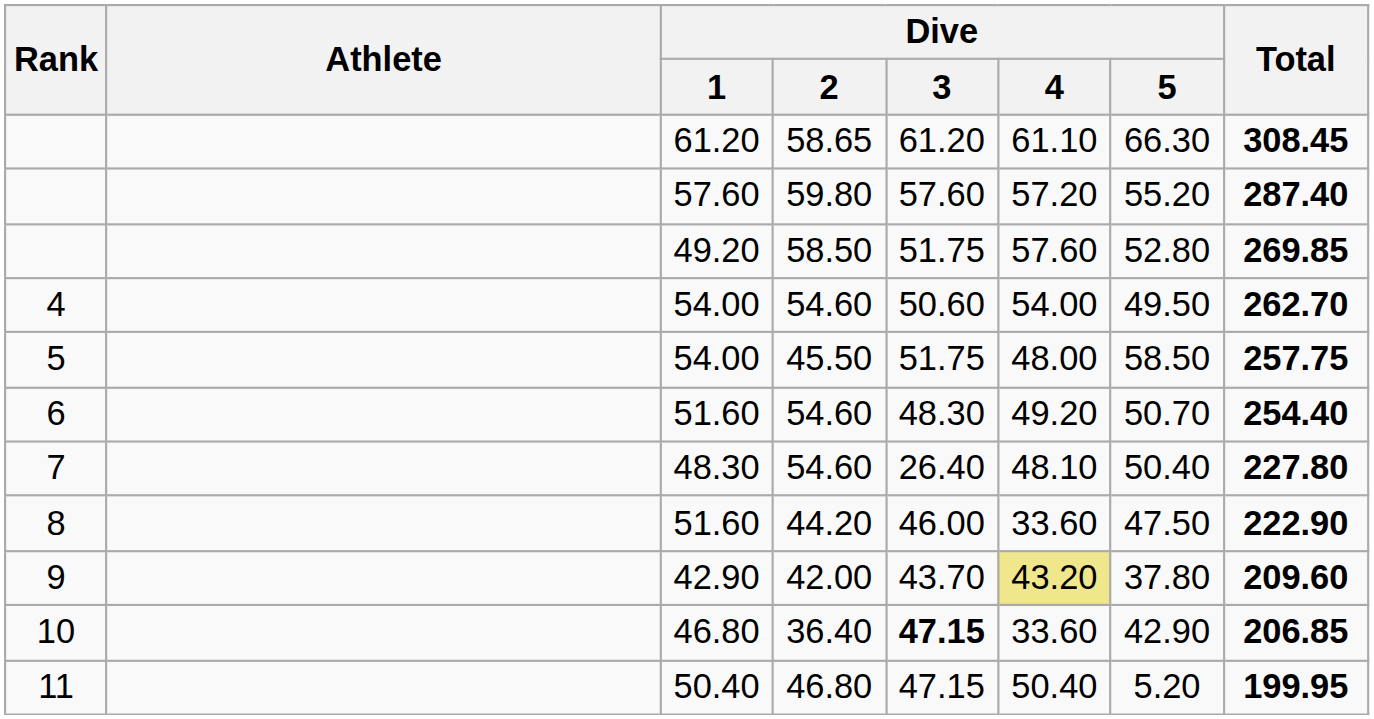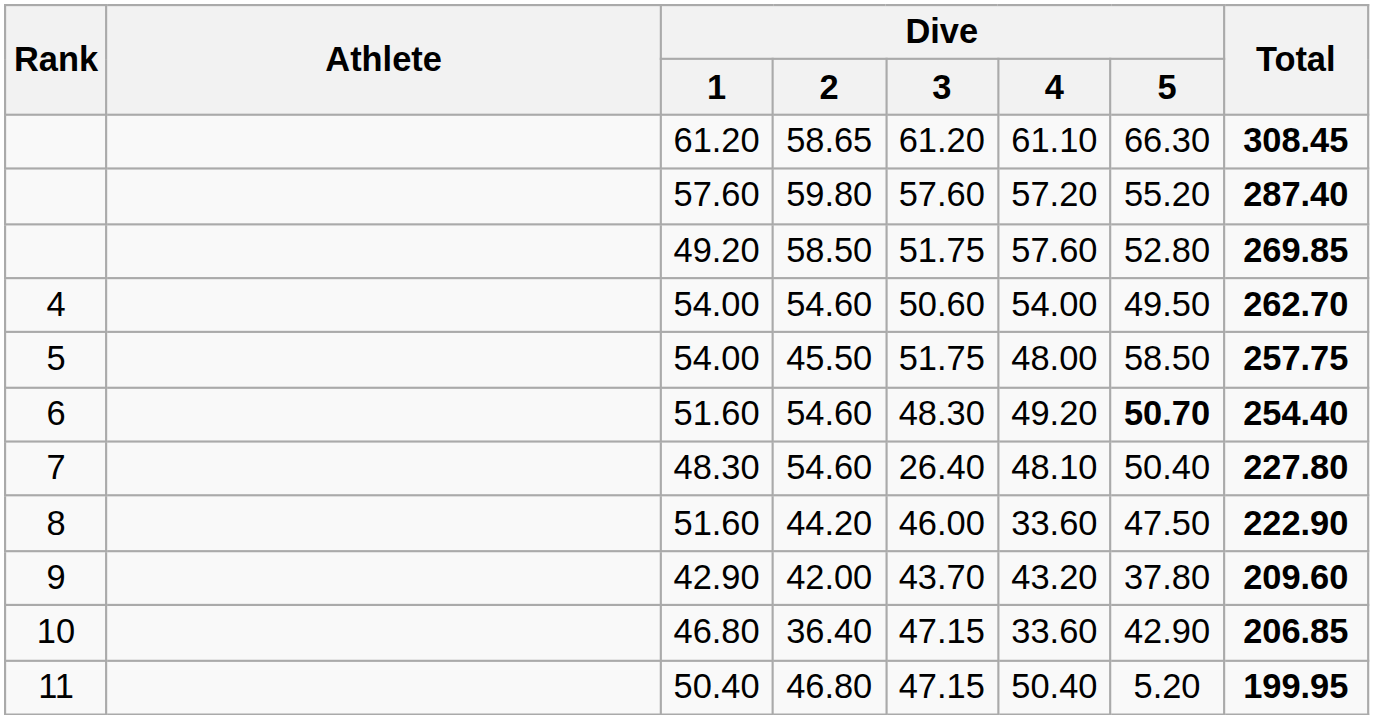 <table class=wikitable style="text-align:center">
 <tr>
 <th rowspan="2" width=40>Rank</th>
 <th rowspan="2" width=250>Athlete</th>
 <th colspan="5">Dive</th>
 <th rowspan="2" width=60>Total</th>
 </tr>
 <tr>
 <th width=45>1</th>
 <th width=45>2</th>
 <th width=45>3</th>
 <th width=45>4</th>
 <th width=45>5</th>
 </tr>
 <tr>
 <td></td>
 <td align=left></td>
 <td>61.20</td>
 <td>58.65</td>
 <td>61.20</td>
 <td>61.10</td>
 <td>66.30</td>
 <td><strong>308.45</strong></td>
 </tr>
 <tr>
 <td></td>
 <td align=left></td>
 <td>57.60</td>
 <td>59.80</td>
 <td>57.60</td>
 <td>57.20</td>
 <td>55.20</td>
 <td><strong>287.40</strong></td>
 </tr>
 <tr>
 <td></td>
 <td align=left></td>
 <td>49.20</td>
 <td>58.50</td>
 <td>51.75</td>
 <td>57.60</td>
 <td>52.80</td>
 <td><strong>269.85</strong></td>
 </tr>
 <tr>
 <td>4</td>
 <td align=left></td>
 <td>54.00</td>
 <td>54.60</td>
 <td>50.60</td>
 <td>54.00</td>
 <td>49.50</td>
 <td><strong>262.70</strong></td>
 </tr>
 <tr>
 <td>5</td>
 <td align=left></td>
 <td>54.00</td>
 <td>45.50</td>
 <td>51.75</td>
 <td>48.00</td>
 <td>58.50</td>
 <td><strong>257.75</strong></td>
 </tr>
 <tr>
 <td>6</td>
 <td align=left></td>
 <td>51.60</td>
 <td>54.60</td>
 <td>48.30</td>
 <td>49.20</td>
-<td>50.70</td>
+<td><strong>50.70</strong></td>
 <td><strong>254.40</strong></td>
 </tr>
 <tr>
 <td>7</td>
 <td align=left></td>
 <td>48.30</td>
 <td>54.60</td>
 <td>26.40</td>
 <td>48.10</td>
 <td>50.40</td>
 <td><strong>227.80</strong></td>
 </tr>
 <tr>
 <td>8</td>
 <td align=left></td>
 <td>51.60</td>
 <td>44.20</td>
 <td>46.00</td>
 <td>33.60</td>
 <td>47.50</td>
 <td><strong>222.90</strong></td>
 </tr>
 <tr>
 <td>9</td>
 <td align=left></td>
 <td>42.90</td>
 <td>42.00</td>
 <td>43.70</td>
-<td style="background: khaki;">43.20</td>
+<td>43.20</td>
 <td>37.80</td>
 <td><strong>209.60</strong></td>
 </tr>
 <tr>
 <td>10</td>
 <td align=left></td>
 <td>46.80</td>
 <td>36.40</td>
-<td><strong>47.15</strong></td>
+<td>47.15</td>
 <td>33.60</td>
 <td>42.90</td>
 <td><strong>206.85</strong></td>
 </tr>
 <tr>
 <td>11</td>
 <td align=left></td>
 <td>50.40</td>
 <td>46.80</td>
 <td>47.15</td>
 <td>50.40</td>
 <td>5.20</td>
 <td><strong>199.95</strong></td>
 </tr>
 </table>
